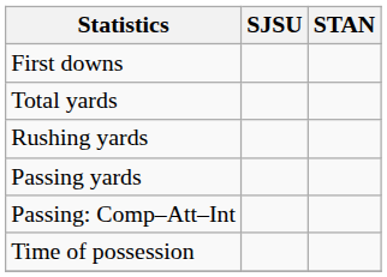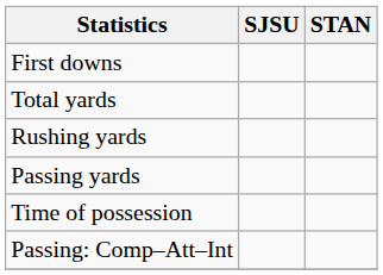 <table class="wikitable" style="float: left;">
 <tr>
 <th>Statistics</th>
 <th>SJSU</th>
 <th>STAN</th>
 </tr>
 <tr>
 <td>First downs</td>
 <td></td>
 <td></td>
 </tr>
 <tr>
 <td>Total yards</td>
 <td></td>
 <td></td>
 </tr>
 <tr>
 <td>Rushing yards</td>
 <td></td>
 <td></td>
 </tr>
 <tr>
 <td>Passing yards</td>
 <td></td>
 <td></td>
 </tr>
 <tr>
-<td>Passing: Comp–Att–Int</td>
+<td>Time of possession</td>
 <td></td>
 <td></td>
 </tr>
 <tr>
-<td>Time of possession</td>
+<td>Passing: Comp–Att–Int</td>
 <td></td>
 <td></td>
 </tr>
 <tr>
 </tr>
 </table>
